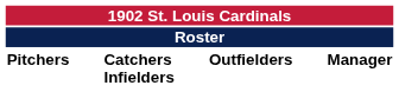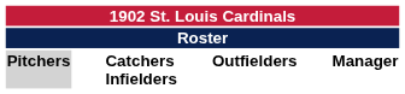 <table class="toccolours" style="font-size: 95%;">
 <tr>
 <th colspan="10" style="background-color: #c41c3a; color: white; text-align: center;">1902 St. Louis Cardinals</th>
 </tr>
 <tr>
 <td colspan="10" style="background-color: #0a2252; color: white; text-align: center;"><strong>Roster</strong></td>
 </tr>
 <tr>
-<td valign="top"><strong>Pitchers</strong><br>          </td>
+<td valign="top" style="background: lightgrey;"><strong>Pitchers</strong><br>          </td>
 <td width="25px"></td>
 <td valign="top"><strong>Catchers</strong><br>   <strong>Infielders</strong>          </td>
 <td width="25px"></td>
 <td valign="top"><strong>Outfielders</strong><br>  </td>
 <td width="25px"></td>
 <td valign="top"><strong>Manager</strong><br></td>
 </tr>
 </table>
